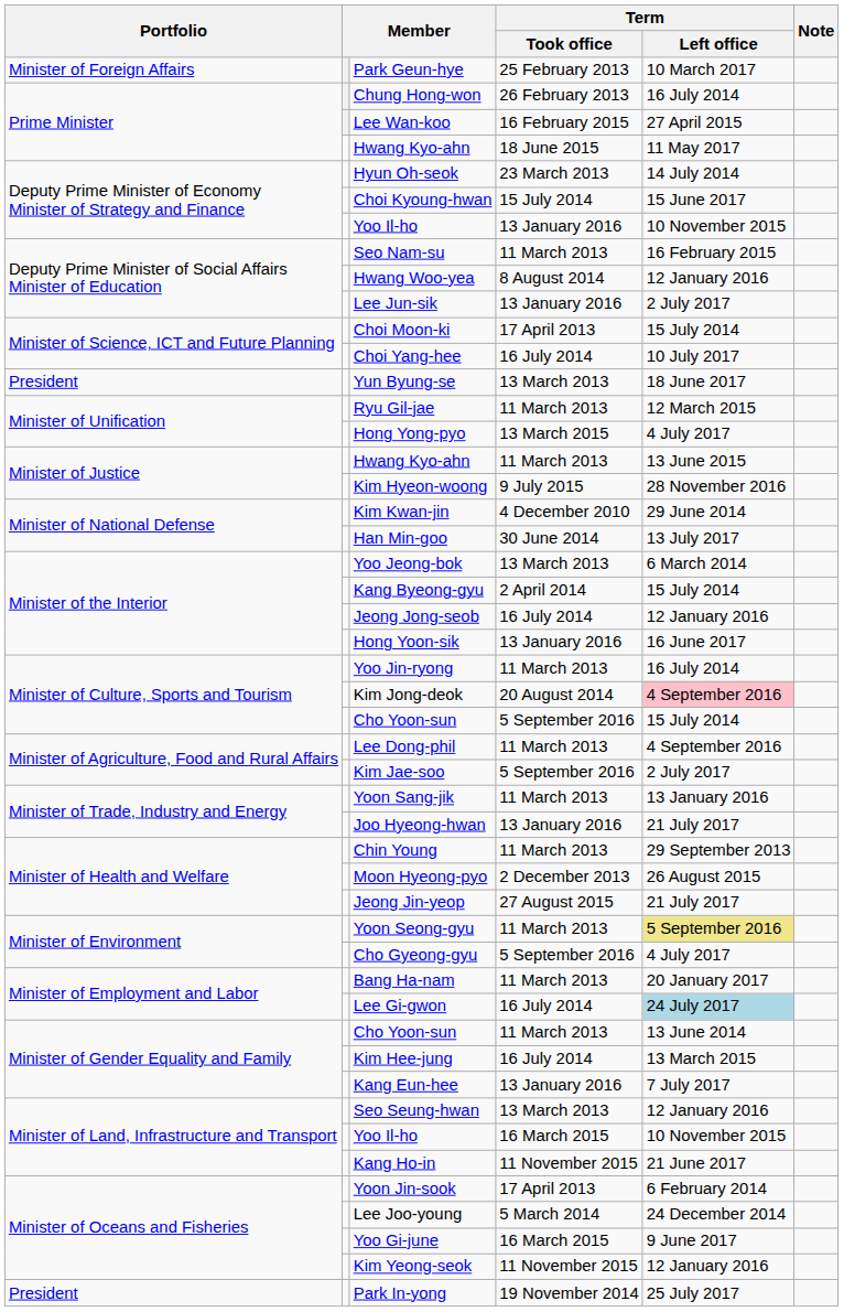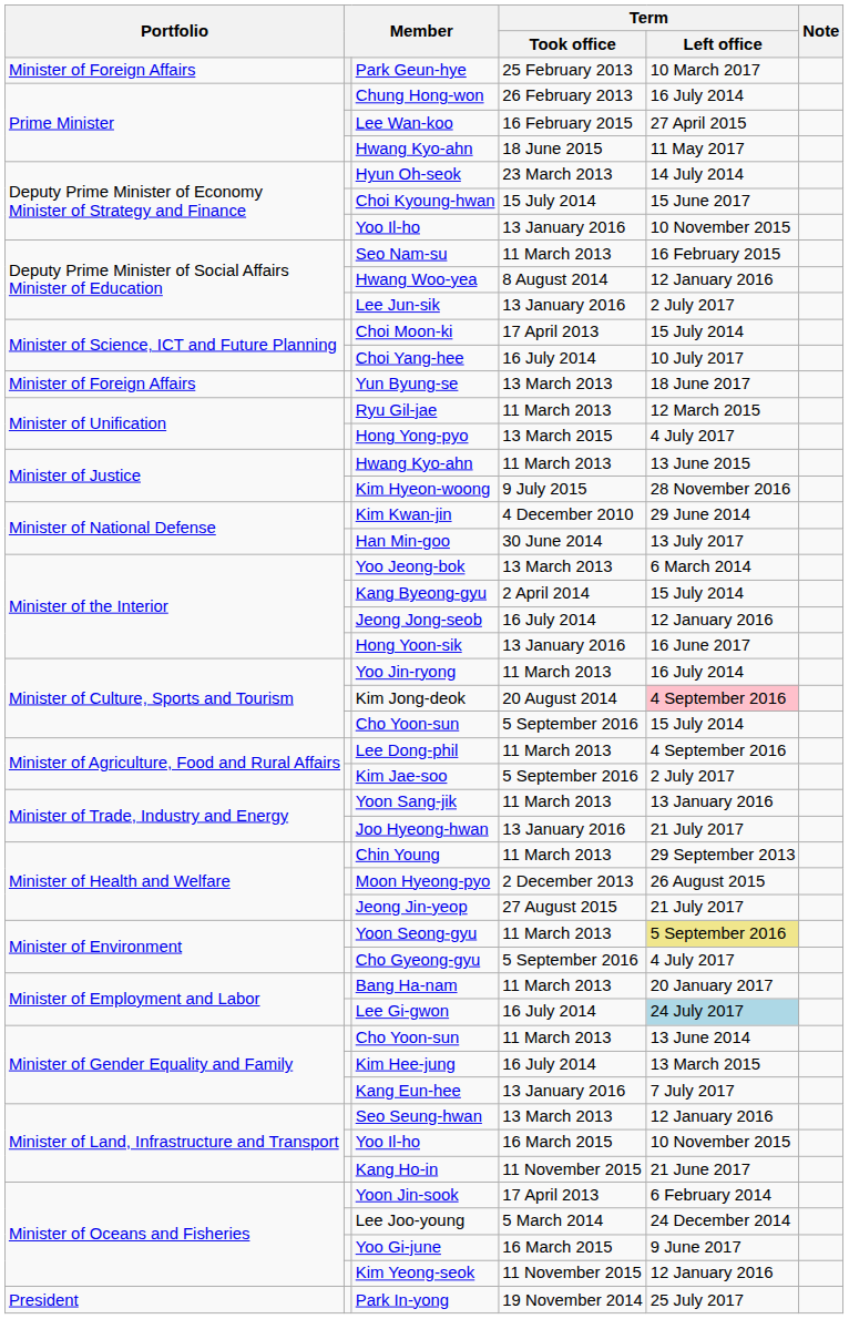 <table class="wikitable sortable">
 <tr>
 <th rowspan=2>Portfolio</th>
 <th rowspan=2 colspan=2>Member</th>
 <th colspan=2>Term</th>
 <th rowspan=2>Note</th>
 </tr>
 <tr>
 <th data-sort-type=date>Took office</th>
 <th data-sort-type=date>Left office</th>
 </tr>
 <tr>
 <td><a href='#'>Minister of Foreign Affairs</a></td>
 <th style="background-color: "></th>
 <td><a href='#'>Park Geun-hye</a></td>
 <td>25 February 2013</td>
 <td>10 March 2017</td>
 <td></td>
 </tr>
 <tr>
 <td rowspan=3><a href='#'>Prime Minister</a></td>
 <th style="background-color: "></th>
 <td><a href='#'>Chung Hong-won</a></td>
 <td>26 February 2013</td>
 <td>16 July 2014</td>
 <td></td>
 </tr>
 <tr>
 <th style="background-color: "></th>
 <td><a href='#'>Lee Wan-koo</a></td>
 <td>16 February 2015</td>
 <td>27 April 2015</td>
 <td></td>
 </tr>
 <tr>
 <td style="background:"></td>
 <td><a href='#'>Hwang Kyo-ahn</a></td>
 <td>18 June 2015</td>
 <td>11 May 2017</td>
 <td></td>
 </tr>
 <tr>
 <td rowspan=3>Deputy Prime Minister of Economy<br><a href='#'>Minister of Strategy and Finance</a></td>
 <td style="background:"></td>
 <td><a href='#'>Hyun Oh-seok</a></td>
 <td>23 March 2013</td>
 <td>14 July 2014</td>
 <td></td>
 </tr>
 <tr>
 <td style="background-color: "></td>
 <td><a href='#'>Choi Kyoung-hwan</a></td>
 <td>15 July 2014</td>
 <td>15 June 2017</td>
 <td></td>
 </tr>
 <tr>
 <td style="background-color: "></td>
 <td><a href='#'>Yoo Il-ho</a></td>
 <td>13 January 2016</td>
 <td>10 November 2015</td>
 <td></td>
 </tr>
 <tr>
 <td rowspan=3>Deputy Prime Minister of Social Affairs<br><a href='#'>Minister of Education</a></td>
 <td style="background:"></td>
 <td><a href='#'>Seo Nam-su</a></td>
 <td>11 March 2013</td>
 <td>16 February 2015</td>
 <td></td>
 </tr>
 <tr>
 <td style="background-color: "></td>
 <td><a href='#'>Hwang Woo-yea</a></td>
 <td>8 August 2014</td>
 <td>12 January 2016</td>
 <td></td>
 </tr>
 <tr>
 <td style="background:"></td>
 <td><a href='#'>Lee Jun-sik</a></td>
 <td>13 January 2016</td>
 <td>2 July 2017</td>
 <td></td>
 </tr>
 <tr>
 <td rowspan=2><a href='#'>Minister of Science, ICT and Future Planning</a></td>
 <td style="background:"></td>
 <td><a href='#'>Choi Moon-ki</a></td>
 <td>17 April 2013</td>
 <td>15 July 2014</td>
 <td></td>
 </tr>
 <tr>
 <td style="background:"></td>
 <td><a href='#'>Choi Yang-hee</a></td>
 <td>16 July 2014</td>
 <td>10 July 2017</td>
 <td></td>
 </tr>
 <tr>
-<td><a href='#'>President</a></td>
+<td><a href='#'>Minister of Foreign Affairs</a></td>
 <td style="background:"></td>
 <td><a href='#'>Yun Byung-se</a></td>
 <td>13 March 2013</td>
 <td>18 June 2017</td>
 <td></td>
 </tr>
 <tr>
 <td rowspan=2><a href='#'>Minister of Unification</a></td>
 <td style="background:"></td>
 <td><a href='#'>Ryu Gil-jae</a></td>
 <td>11 March 2013</td>
 <td>12 March 2015</td>
 <td></td>
 </tr>
 <tr>
 <td style="background:"></td>
 <td><a href='#'>Hong Yong-pyo</a></td>
 <td>13 March 2015</td>
 <td>4 July 2017</td>
 <td></td>
 </tr>
 <tr>
 <td rowspan=2><a href='#'>Minister of Justice</a></td>
 <td style="background:"></td>
 <td><a href='#'>Hwang Kyo-ahn</a></td>
 <td>11 March 2013</td>
 <td>13 June 2015</td>
 <td></td>
 </tr>
 <tr>
 <td style="background:"></td>
 <td><a href='#'>Kim Hyeon-woong</a></td>
 <td>9 July 2015</td>
 <td>28 November 2016</td>
 <td></td>
 </tr>
 <tr>
 <td rowspan=2><a href='#'>Minister of National Defense</a></td>
 <td style="background:"></td>
 <td><a href='#'>Kim Kwan-jin</a></td>
 <td>4 December 2010</td>
 <td>29 June 2014</td>
 <td></td>
 </tr>
 <tr>
 <td style="background:"></td>
 <td><a href='#'>Han Min-goo</a></td>
 <td>30 June 2014</td>
 <td>13 July 2017</td>
 <td></td>
 </tr>
 <tr>
 <td rowspan=4><a href='#'>Minister of the Interior</a></td>
 <td style="background-color: "></td>
 <td><a href='#'>Yoo Jeong-bok</a></td>
 <td>13 March 2013</td>
 <td>6 March 2014</td>
 <td></td>
 </tr>
 <tr>
 <td style="background:"></td>
 <td><a href='#'>Kang Byeong-gyu</a></td>
 <td>2 April 2014</td>
 <td>15 July 2014</td>
 <td></td>
 </tr>
 <tr>
 <td style="background-color: "></td>
 <td><a href='#'>Jeong Jong-seob</a></td>
 <td>16 July 2014</td>
 <td>12 January 2016</td>
 <td></td>
 </tr>
 <tr>
 <td style="background:"></td>
 <td><a href='#'>Hong Yoon-sik</a></td>
 <td>13 January 2016</td>
 <td>16 June 2017</td>
 <td></td>
 </tr>
 <tr>
 <td rowspan=3><a href='#'>Minister of Culture, Sports and Tourism</a></td>
 <td style="background:"></td>
 <td><a href='#'>Yoo Jin-ryong</a></td>
 <td>11 March 2013</td>
 <td>16 July 2014</td>
 <td></td>
 </tr>
 <tr>
 <td style="background:"></td>
 <td>Kim Jong-deok</td>
 <td>20 August 2014</td>
 <td style="background: pink;">4 September 2016</td>
 <td></td>
 </tr>
 <tr>
 <td style="background-color: "></td>
 <td><a href='#'>Cho Yoon-sun</a></td>
 <td>5 September 2016</td>
 <td>15 July 2014</td>
 <td></td>
 </tr>
 <tr>
 <td rowspan=2><a href='#'>Minister of Agriculture, Food and Rural Affairs</a></td>
 <td style="background:"></td>
 <td><a href='#'>Lee Dong-phil</a></td>
 <td>11 March 2013</td>
 <td>4 September 2016</td>
 <td></td>
 </tr>
 <tr>
 <td style="background:"></td>
 <td><a href='#'>Kim Jae-soo</a></td>
 <td>5 September 2016</td>
 <td>2 July 2017</td>
 <td></td>
 </tr>
 <tr>
 <td rowspan=2><a href='#'>Minister of Trade, Industry and Energy</a></td>
 <td style="background:"></td>
 <td><a href='#'>Yoon Sang-jik</a></td>
 <td>11 March 2013</td>
 <td>13 January 2016</td>
 <td></td>
 </tr>
 <tr>
 <td style="background:"></td>
 <td><a href='#'>Joo Hyeong-hwan</a></td>
 <td>13 January 2016</td>
 <td>21 July 2017</td>
 <td></td>
 </tr>
 <tr>
 <td rowspan=3><a href='#'>Minister of Health and Welfare</a></td>
 <td style="background-color: "></td>
 <td><a href='#'>Chin Young</a></td>
 <td>11 March 2013</td>
 <td>29 September 2013</td>
 <td></td>
 </tr>
 <tr>
 <td style="background:"></td>
 <td><a href='#'>Moon Hyeong-pyo</a></td>
 <td>2 December 2013</td>
 <td>26 August 2015</td>
 <td></td>
 </tr>
 <tr>
 <td style="background:"></td>
 <td><a href='#'>Jeong Jin-yeop</a></td>
 <td>27 August 2015</td>
 <td>21 July 2017</td>
 <td></td>
 </tr>
 <tr>
 <td rowspan=2><a href='#'>Minister of Environment</a></td>
 <td style="background:"></td>
 <td><a href='#'>Yoon Seong-gyu</a></td>
 <td>11 March 2013</td>
 <td style="background: khaki;">5 September 2016</td>
 <td></td>
 </tr>
 <tr>
 <td style="background:"></td>
 <td><a href='#'>Cho Gyeong-gyu</a></td>
 <td>5 September 2016</td>
 <td>4 July 2017</td>
 <td></td>
 </tr>
 <tr>
 <td rowspan=2><a href='#'>Minister of Employment and Labor</a></td>
 <td style="background:"></td>
 <td><a href='#'>Bang Ha-nam</a></td>
 <td>11 March 2013</td>
 <td>20 January 2017</td>
 <td></td>
 </tr>
 <tr>
 <td style="background:"></td>
 <td><a href='#'>Lee Gi-gwon</a></td>
 <td>16 July 2014</td>
 <td style="background: lightblue;">24 July 2017</td>
 <td></td>
 </tr>
 <tr>
 <td rowspan=3><a href='#'>Minister of Gender Equality and Family</a></td>
 <td style="background-color: "></td>
 <td><a href='#'>Cho Yoon-sun</a></td>
 <td>11 March 2013</td>
 <td>13 June 2014</td>
 <td></td>
 </tr>
 <tr>
 <td style="background-color: "></td>
 <td><a href='#'>Kim Hee-jung</a></td>
 <td>16 July 2014</td>
 <td>13 March 2015</td>
 <td></td>
 </tr>
 <tr>
 <td style="background-color: "></td>
 <td><a href='#'>Kang Eun-hee</a></td>
 <td>13 January 2016</td>
 <td>7 July 2017</td>
 <td></td>
 </tr>
 <tr>
 <td rowspan=3><a href='#'>Minister of Land, Infrastructure and Transport</a></td>
 <td style="background:"></td>
 <td><a href='#'>Seo Seung-hwan</a></td>
 <td>13 March 2013</td>
 <td>12 January 2016</td>
 <td></td>
 </tr>
 <tr>
 <td style="background-color: "></td>
 <td><a href='#'>Yoo Il-ho</a></td>
 <td>16 March 2015</td>
 <td>10 November 2015</td>
 <td></td>
 </tr>
 <tr>
 <td style="background:"></td>
 <td><a href='#'>Kang Ho-in</a></td>
 <td>11 November 2015</td>
 <td>21 June 2017</td>
 <td></td>
 </tr>
 <tr>
 <td rowspan=4><a href='#'>Minister of Oceans and Fisheries</a></td>
 <td style="background:"></td>
 <td><a href='#'>Yoon Jin-sook</a></td>
 <td>17 April 2013</td>
 <td>6 February 2014</td>
 <td></td>
 </tr>
 <tr>
 <td style="background-color: "></td>
 <td>Lee Joo-young</td>
 <td>5 March 2014</td>
 <td>24 December 2014</td>
 <td></td>
 </tr>
 <tr>
 <td style="background-color: "></td>
 <td><a href='#'>Yoo Gi-june</a></td>
 <td>16 March 2015</td>
 <td>9 June 2017</td>
 <td></td>
 </tr>
 <tr>
 <td style="background:"></td>
 <td><a href='#'>Kim Yeong-seok</a></td>
 <td>11 November 2015</td>
 <td>12 January 2016</td>
 <td></td>
 </tr>
 <tr>
 <td><a href='#'>President</a></td>
 <td style="background:"></td>
 <td><a href='#'>Park In-yong</a></td>
 <td>19 November 2014</td>
 <td>25 July 2017</td>
 <td></td>
 </tr>
 </table>
